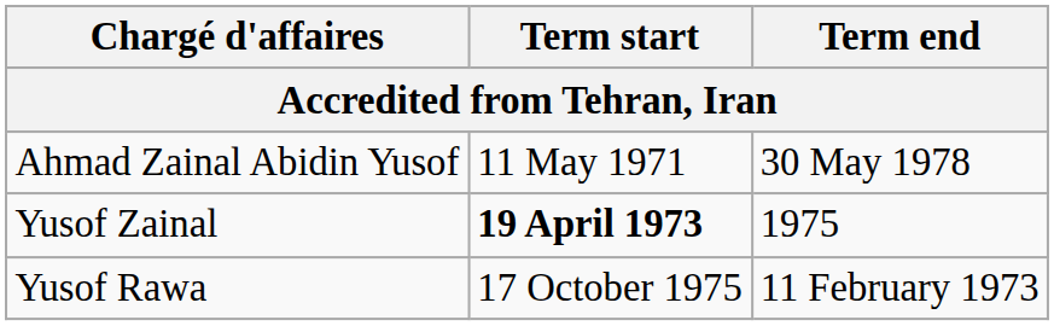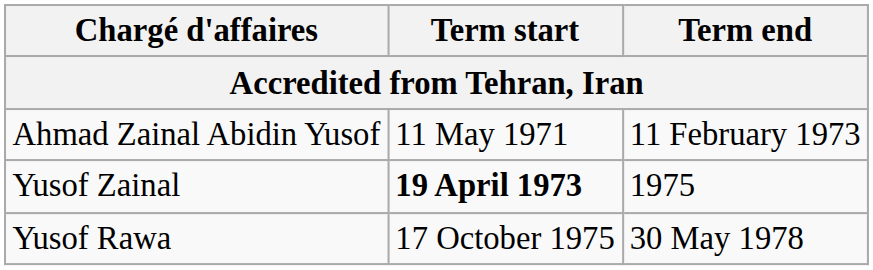 <table class=wikitable>
 <tr>
 <th>Chargé d'affaires</th>
 <th>Term start</th>
 <th>Term end</th>
 </tr>
 <tr>
 <th colspan=3>Accredited from Tehran, Iran</th>
 </tr>
 <tr>
 <td>Ahmad Zainal Abidin Yusof</td>
 <td>11 May 1971</td>
-<td>30 May 1978</td>
+<td>11 February 1973</td>
 </tr>
 <tr>
 <td>Yusof Zainal</td>
 <td><strong>19 April 1973</strong></td>
 <td>1975</td>
 </tr>
 <tr>
 <td>Yusof Rawa</td>
 <td>17 October 1975</td>
-<td>11 February 1973</td>
+<td>30 May 1978</td>
 </tr>
 </table>
